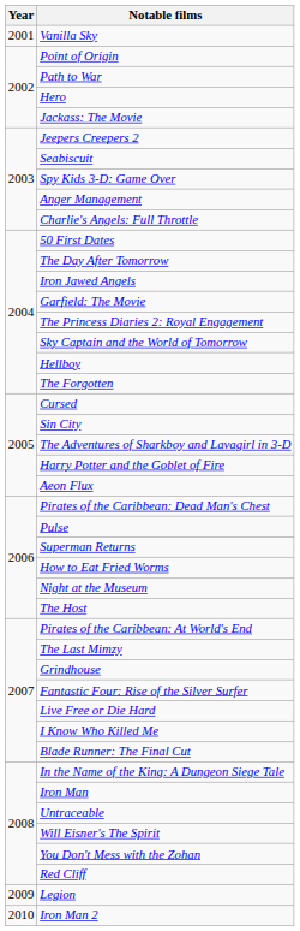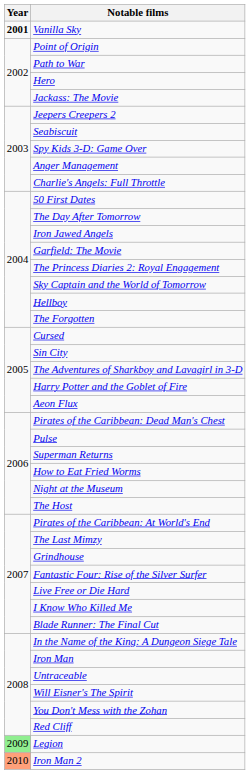 <table class="wikitable">
 <tr>
 <th>Year</th>
 <th>Notable films</th>
 </tr>
 <tr>
-<td>2001</td>
+<td><strong>2001</strong></td>
 <td><em><a href='#'>Vanilla Sky</a></em></td>
 </tr>
 <tr>
 <td rowspan="4">2002</td>
 <td><em><a href='#'>Point of Origin</a></em> <br></td>
 </tr>
 <tr>
 <td><em><a href='#'>Path to War</a></em> <br></td>
 </tr>
 <tr>
 <td><em><a href='#'>Hero</a></em> <br></td>
 </tr>
 <tr>
 <td><em><a href='#'>Jackass: The Movie</a></em></td>
 </tr>
 <tr>
 <td rowspan="5">2003</td>
 <td><em><a href='#'>Jeepers Creepers 2</a></em> <br></td>
 </tr>
 <tr>
 <td><em><a href='#'>Seabiscuit</a></em> <br></td>
 </tr>
 <tr>
 <td><em><a href='#'>Spy Kids 3-D: Game Over</a></em><br></td>
 </tr>
 <tr>
 <td><em><a href='#'>Anger Management</a></em><br></td>
 </tr>
 <tr>
 <td><em><a href='#'>Charlie's Angels: Full Throttle</a></em></td>
 </tr>
 <tr>
 <td rowspan="8">2004</td>
 <td><em><a href='#'>50 First Dates</a></em> <br></td>
 </tr>
 <tr>
 <td><em><a href='#'>The Day After Tomorrow</a></em><br></td>
 </tr>
 <tr>
 <td><em><a href='#'>Iron Jawed Angels</a></em><br></td>
 </tr>
 <tr>
 <td><em><a href='#'>Garfield: The Movie</a></em><br></td>
 </tr>
 <tr>
 <td><em><a href='#'>The Princess Diaries 2: Royal Engagement</a></em><br></td>
 </tr>
 <tr>
 <td><em><a href='#'>Sky Captain and the World of Tomorrow</a></em><br></td>
 </tr>
 <tr>
 <td><em><a href='#'>Hellboy</a></em><br></td>
 </tr>
 <tr>
 <td><em><a href='#'>The Forgotten</a></em></td>
 </tr>
 <tr>
 <td rowspan="5">2005</td>
 <td><em><a href='#'>Cursed</a></em> <br></td>
 </tr>
 <tr>
 <td><em><a href='#'>Sin City</a></em> <br></td>
 </tr>
 <tr>
 <td><em><a href='#'>The Adventures of Sharkboy and Lavagirl in 3-D</a></em> <br></td>
 </tr>
 <tr>
 <td><em><a href='#'>Harry Potter and the Goblet of Fire</a></em> <br></td>
 </tr>
 <tr>
 <td><em><a href='#'>Aeon Flux</a></em></td>
 </tr>
 <tr>
 <td rowspan="6">2006</td>
 <td><em><a href='#'>Pirates of the Caribbean: Dead Man's Chest</a></em> <br></td>
 </tr>
 <tr>
 <td><em><a href='#'>Pulse</a></em> <br></td>
 </tr>
 <tr>
 <td><em><a href='#'>Superman Returns</a></em><br></td>
 </tr>
 <tr>
 <td><em><a href='#'>How to Eat Fried Worms</a></em></td>
 </tr>
 <tr>
 <td><em><a href='#'>Night at the Museum</a></em><br></td>
 </tr>
 <tr>
 <td><em><a href='#'>The Host</a></em></td>
 </tr>
 <tr>
 <td rowspan="7">2007</td>
 <td><em><a href='#'>Pirates of the Caribbean: At World's End</a></em> <br></td>
 </tr>
 <tr>
 <td><em><a href='#'>The Last Mimzy</a></em> <br></td>
 </tr>
 <tr>
 <td><em><a href='#'>Grindhouse</a></em> <br></td>
 </tr>
 <tr>
 <td><em><a href='#'>Fantastic Four: Rise of the Silver Surfer</a></em><br></td>
 </tr>
 <tr>
 <td><em><a href='#'>Live Free or Die Hard</a></em><br></td>
 </tr>
 <tr>
 <td><em><a href='#'>I Know Who Killed Me</a></em><br></td>
 </tr>
 <tr>
 <td><em><a href='#'>Blade Runner: The Final Cut</a></em></td>
 </tr>
 <tr>
 <td rowspan="6">2008</td>
 <td><em><a href='#'>In the Name of the King: A Dungeon Siege Tale</a></em> <br></td>
 </tr>
 <tr>
 <td><em><a href='#'>Iron Man</a></em> <br></td>
 </tr>
 <tr>
 <td><em><a href='#'>Untraceable</a></em> <br></td>
 </tr>
 <tr>
 <td><em><a href='#'>Will Eisner's The Spirit</a></em><br></td>
 </tr>
 <tr>
 <td><em><a href='#'>You Don't Mess with the Zohan</a></em><br></td>
 </tr>
 <tr>
 <td><em><a href='#'>Red Cliff</a></em></td>
 </tr>
 <tr>
-<td>2009</td>
+<td style="background: lightgreen;">2009</td>
 <td><em><a href='#'>Legion</a></em></td>
 </tr>
 <tr>
-<td>2010</td>
+<td style="background: lightsalmon;">2010</td>
 <td><em><a href='#'>Iron Man 2</a></em> <br></td>
 </tr>
 </table>
